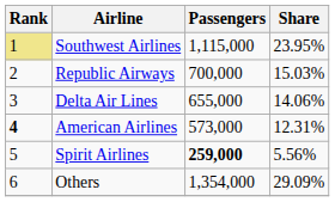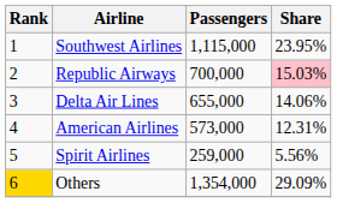 <table class="wikitable sortable" style="font-size: 95%">
 <tr>
 <th>Rank</th>
 <th>Airline</th>
 <th>Passengers</th>
 <th>Share</th>
 </tr>
 <tr>
-<td style="background: khaki;">1</td>
+<td>1</td>
 <td><a href='#'>Southwest Airlines</a></td>
 <td>1,115,000</td>
 <td>23.95%</td>
 </tr>
 <tr>
 <td>2</td>
 <td><a href='#'>Republic Airways</a></td>
 <td>700,000</td>
-<td>15.03%</td>
+<td style="background: pink;">15.03%</td>
 </tr>
 <tr>
 <td>3</td>
 <td><a href='#'>Delta Air Lines</a></td>
 <td>655,000</td>
 <td>14.06%</td>
 </tr>
 <tr>
-<td><strong>4</strong></td>
+<td>4</td>
 <td><a href='#'>American Airlines</a></td>
 <td>573,000</td>
 <td>12.31%</td>
 </tr>
 <tr>
 <td>5</td>
 <td><a href='#'>Spirit Airlines</a></td>
-<td><strong>259,000</strong></td>
+<td>259,000</td>
 <td>5.56%</td>
 </tr>
 <tr>
-<td>6</td>
+<td style="background: gold;">6</td>
 <td>Others</td>
 <td>1,354,000</td>
 <td>29.09%</td>
 </tr>
 <tr>
 </tr>
 </table>
